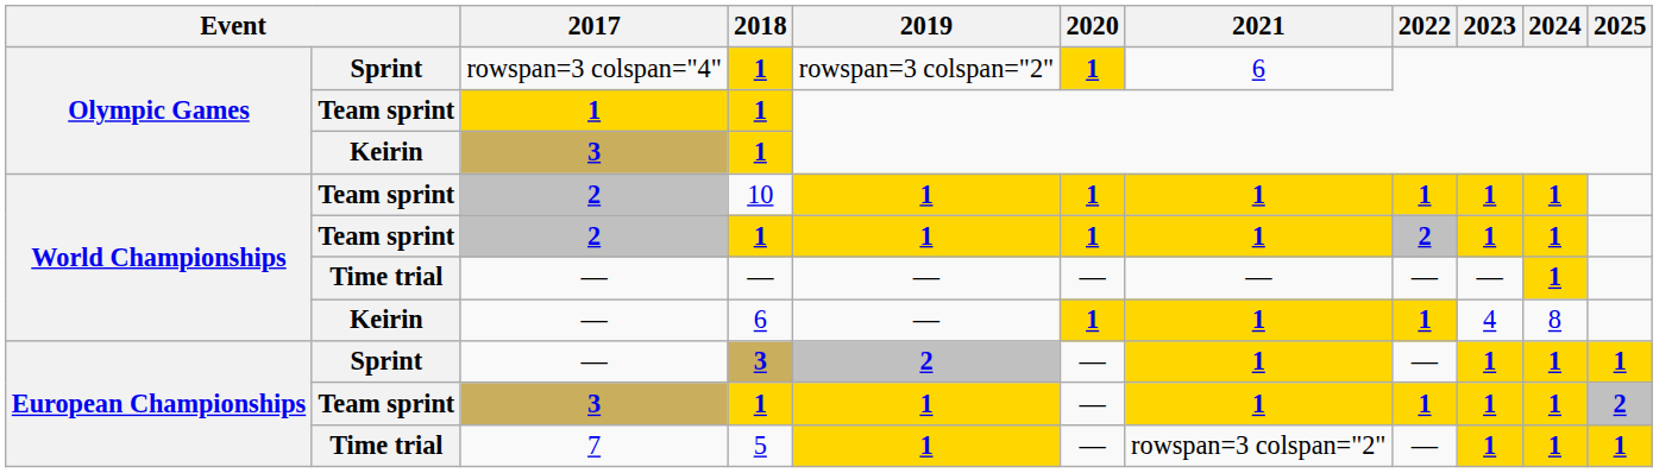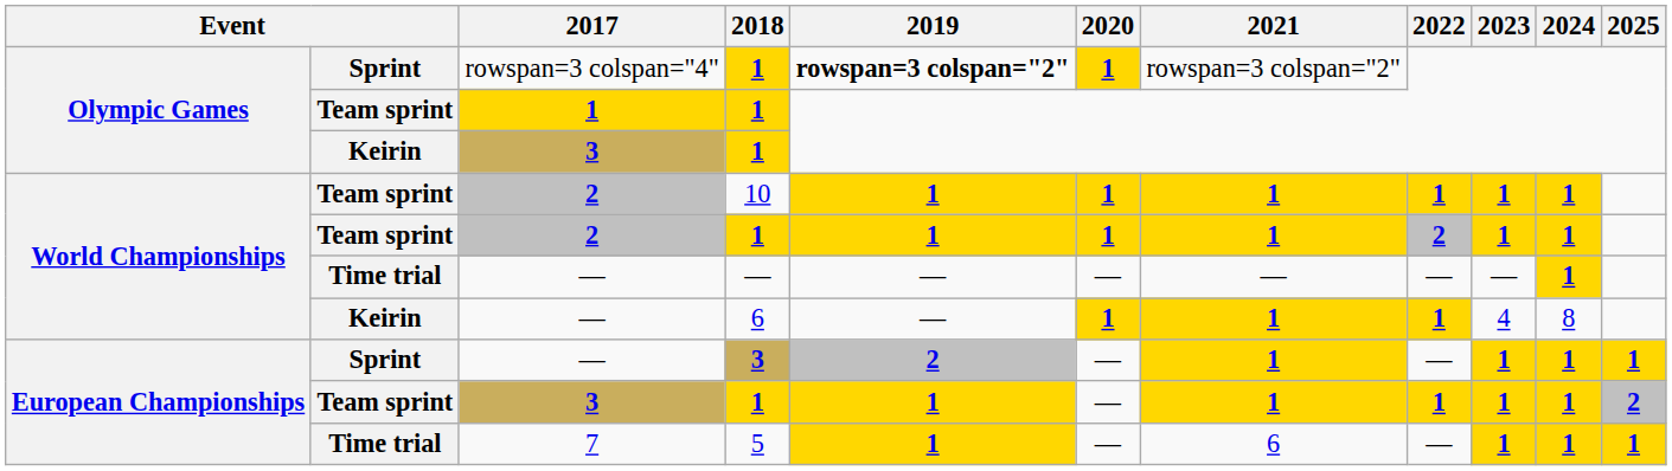 <table class="wikitable plainrowheaders">
 <tr>
 <th scope="col" colspan=2>Event</th>
 <th scope="col">2017</th>
 <th scope="col">2018</th>
 <th scope="col">2019</th>
 <th scope="col">2020</th>
 <th scope="col">2021</th>
 <th scope="col">2022</th>
 <th scope="col">2023</th>
 <th scope="col">2024</th>
 <th scope="col">2025</th>
 </tr>
 <tr style="text-align:center;">
 <th scope="row" rowspan=3> <a href='#'>Olympic Games</a></th>
 <th scope="row">Sprint</th>
 <td>rowspan=3 colspan="4" </td>
 <th style="background:gold;"><a href='#'>1</a></th>
+<td><strong>rowspan=3 colspan="2" </strong></td>
+<th style="background:gold;"><a href='#'>1</a></th>
 <td>rowspan=3 colspan="2" </td>
-<th style="background:gold;"><a href='#'>1</a></th>
-<td><a href='#'>6</a></td>
 </tr>
 <tr style="text-align:center;">
 <th scope="row">Team sprint</th>
 <th style="background:gold;"><a href='#'>1</a></th>
 <th style="background:gold;"><a href='#'>1</a></th>
 </tr>
 <tr style="text-align:center;">
 <th scope="row">Keirin</th>
 <th style="background:#C9AE5D;"><a href='#'>3</a></th>
 <th style="background:gold;"><a href='#'>1</a></th>
 </tr>
 <tr style="text-align:center;">
 <th scope="row" rowspan=4> <a href='#'>World Championships</a></th>
 <th scope="row">Team sprint</th>
 <th style="background:silver;"><a href='#'>2</a></th>
 <td><a href='#'>10</a></td>
 <th style="background:gold;"><a href='#'>1</a></th>
 <th style="background:gold;"><a href='#'>1</a></th>
 <th style="background:gold;"><a href='#'>1</a></th>
 <th style="background:gold;"><a href='#'>1</a></th>
 <th style="background:gold;"><a href='#'>1</a></th>
 <th style="background:gold;"><a href='#'>1</a></th>
 <td></td>
 </tr>
 <tr style="text-align:center;">
 <th scope="row">Team sprint</th>
 <th style="background:silver;"><a href='#'>2</a></th>
 <th style="background:gold;"><a href='#'>1</a></th>
 <th style="background:gold;"><a href='#'>1</a></th>
 <th style="background:gold;"><a href='#'>1</a></th>
 <th style="background:gold;"><a href='#'>1</a></th>
 <th style="background:silver;"><a href='#'>2</a></th>
 <th style="background:gold;"><a href='#'>1</a></th>
 <th style="background:gold;"><a href='#'>1</a></th>
 <td></td>
 </tr>
 <tr style="text-align:center;">
 <th scope="row">Time trial</th>
 <td>—</td>
 <td>—</td>
 <td>—</td>
 <td>—</td>
 <td>—</td>
 <td>—</td>
 <td>—</td>
 <th style="background:gold;"><a href='#'>1</a></th>
 <td></td>
 </tr>
 <tr style="text-align:center;">
 <th scope="row">Keirin</th>
 <td>—</td>
 <td><a href='#'>6</a></td>
 <td>—</td>
 <th style="background:gold;"><a href='#'>1</a></th>
 <th style="background:gold;"><a href='#'>1</a></th>
 <th style="background:gold;"><a href='#'>1</a></th>
 <td><a href='#'>4</a></td>
 <td><a href='#'>8</a></td>
 <td></td>
 </tr>
 <tr style="text-align:center;">
 <th scope="row" rowspan=3> <a href='#'>European Championships</a></th>
 <th scope="row">Sprint</th>
 <td>—</td>
 <th style="background:#C9AE5D;"><a href='#'>3</a></th>
 <th style="background:silver;"><a href='#'>2</a></th>
 <td>—</td>
 <th style="background:gold;"><a href='#'>1</a></th>
 <td>—</td>
 <th style="background:gold;"><a href='#'>1</a></th>
 <th style="background:gold;"><a href='#'>1</a></th>
 <th style="background:gold;"><a href='#'>1</a></th>
 </tr>
 <tr style="text-align:center;">
 <th scope="row">Team sprint</th>
 <th style="background:#C9AE5D;"><a href='#'>3</a></th>
 <th style="background:gold;"><a href='#'>1</a></th>
 <th style="background:gold;"><a href='#'>1</a></th>
 <td>—</td>
 <th style="background:gold;"><a href='#'>1</a></th>
 <th style="background:gold;"><a href='#'>1</a></th>
 <th style="background:gold;"><a href='#'>1</a></th>
 <th style="background:gold;"><a href='#'>1</a></th>
 <th style="background:silver;"><a href='#'>2</a></th>
 </tr>
 <tr style="text-align:center;">
 <th scope="row">Time trial</th>
 <td><a href='#'>7</a></td>
 <td><a href='#'>5</a></td>
 <td style="background:gold;"><strong><a href='#'>1</a></strong></td>
 <td>—</td>
-<td>rowspan=3 colspan="2" </td>
+<td><a href='#'>6</a></td>
 <td>—</td>
 <th style="background:gold;"><a href='#'>1</a></th>
 <th style="background:gold;"><a href='#'>1</a></th>
 <th style="background:gold;"><a href='#'>1</a></th>
 </tr>
 </table>
